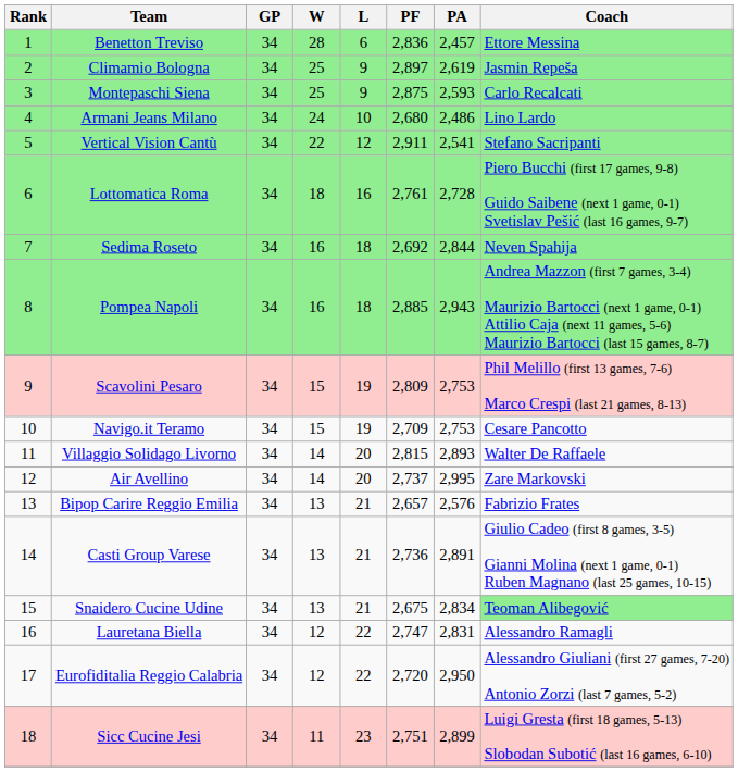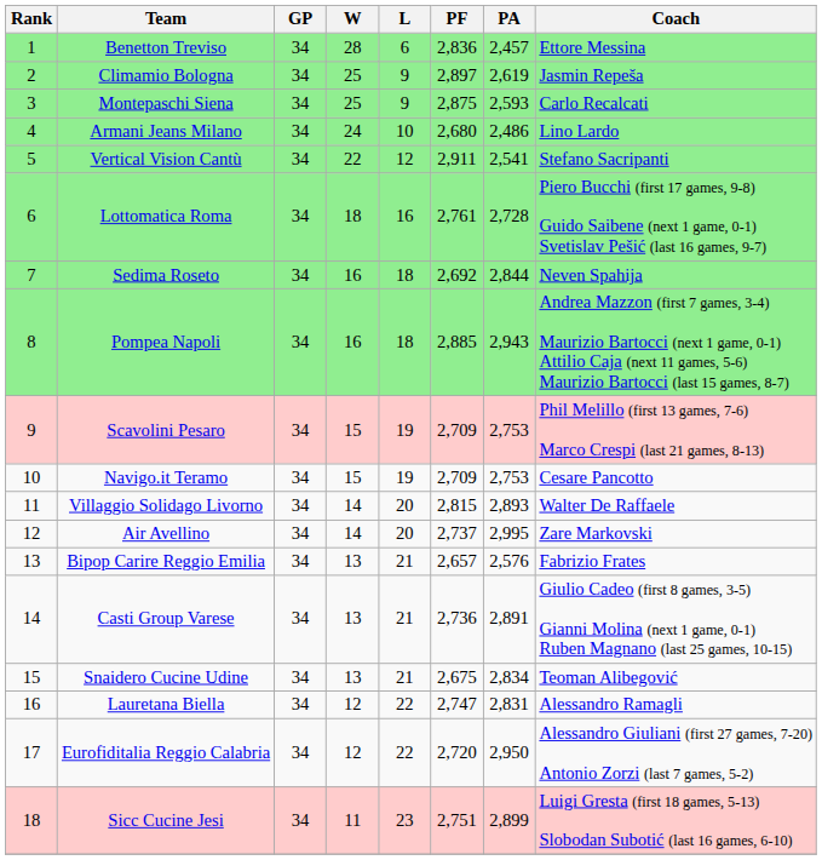 <table class="wikitable" style="text-align: center;">
 <tr>
 <th width=40>Rank</th>
 <th>Team</th>
 <th width=40>GP</th>
 <th width=40>W</th>
 <th width=40>L</th>
 <th width=40>PF</th>
 <th width=40>PA</th>
 <th>Coach</th>
 </tr>
 <tr style="background: #90EE90;">
 <td>1</td>
 <td><a href='#'>Benetton Treviso</a></td>
 <td>34</td>
 <td>28</td>
 <td>6</td>
 <td>2,836</td>
 <td>2,457</td>
 <td align="left"> <a href='#'>Ettore Messina</a></td>
 </tr>
 <tr style="background: #90EE90;">
 <td>2</td>
 <td><a href='#'>Climamio Bologna</a></td>
 <td>34</td>
 <td>25</td>
 <td>9</td>
 <td>2,897</td>
 <td>2,619</td>
 <td align="left"> <a href='#'>Jasmin Repeša</a></td>
 </tr>
 <tr style="background: #90EE90;">
 <td>3</td>
 <td><a href='#'>Montepaschi Siena</a></td>
 <td>34</td>
 <td>25</td>
 <td>9</td>
 <td>2,875</td>
 <td>2,593</td>
 <td align="left"> <a href='#'>Carlo Recalcati</a></td>
 </tr>
 <tr style="background: #90EE90;">
 <td>4</td>
 <td><a href='#'>Armani Jeans Milano</a></td>
 <td>34</td>
 <td>24</td>
 <td>10</td>
 <td>2,680</td>
 <td>2,486</td>
 <td align="left"> <a href='#'>Lino Lardo</a></td>
 </tr>
 <tr style="background: #90EE90;">
 <td>5</td>
 <td><a href='#'>Vertical Vision Cantù</a></td>
 <td>34</td>
 <td>22</td>
 <td>12</td>
 <td>2,911</td>
 <td>2,541</td>
 <td align="left"> <a href='#'>Stefano Sacripanti</a></td>
 </tr>
 <tr style="background: #90EE90;">
 <td>6</td>
 <td><a href='#'>Lottomatica Roma</a></td>
 <td>34</td>
 <td>18</td>
 <td>16</td>
 <td>2,761</td>
 <td>2,728</td>
 <td align="left"> <a href='#'>Piero Bucchi</a> <small>(first 17 games, 9-8)</small><br><br> <a href='#'>Guido Saibene</a> <small>(next 1 game, 0-1)</small><br>  <a href='#'>Svetislav Pešić</a> <small>(last 16 games, 9-7)</small></td>
 </tr>
 <tr style="background: #90EE90;">
 <td>7</td>
 <td><a href='#'>Sedima Roseto</a></td>
 <td>34</td>
 <td>16</td>
 <td>18</td>
 <td>2,692</td>
 <td>2,844</td>
 <td align="left"> <a href='#'>Neven Spahija</a></td>
 </tr>
 <tr style="background: #90EE90;">
 <td>8</td>
 <td><a href='#'>Pompea Napoli</a></td>
 <td>34</td>
 <td>16</td>
 <td>18</td>
 <td>2,885</td>
 <td>2,943</td>
 <td align="left"> <a href='#'>Andrea Mazzon</a> <small>(first 7 games, 3-4)</small><br><br> <a href='#'>Maurizio Bartocci</a> <small>(next 1 game, 0-1)</small><br>  <a href='#'>Attilio Caja</a> <small>(next 11 games, 5-6)</small><br>  <a href='#'>Maurizio Bartocci</a> <small>(last 15 games, 8-7)</small></td>
 </tr>
 <tr style="background:#FFCCCC">
 <td>9</td>
 <td><a href='#'>Scavolini Pesaro</a></td>
 <td>34</td>
 <td>15</td>
 <td>19</td>
-<td>2,809</td>
+<td>2,709</td>
 <td>2,753</td>
 <td align="left"> <a href='#'>Phil Melillo</a> <small>(first 13 games, 7-6)</small><br><br> <a href='#'>Marco Crespi</a> <small>(last 21 games, 8-13)</small></td>
 </tr>
 <tr>
 <td>10</td>
 <td><a href='#'>Navigo.it Teramo</a></td>
 <td>34</td>
 <td>15</td>
 <td>19</td>
 <td>2,709</td>
 <td>2,753</td>
 <td align="left"> <a href='#'>Cesare Pancotto</a></td>
 </tr>
 <tr>
 <td>11</td>
 <td><a href='#'>Villaggio Solidago Livorno</a></td>
 <td>34</td>
 <td>14</td>
 <td>20</td>
 <td>2,815</td>
 <td>2,893</td>
 <td align="left"> <a href='#'>Walter De Raffaele</a></td>
 </tr>
 <tr>
 <td>12</td>
 <td><a href='#'>Air Avellino</a></td>
 <td>34</td>
 <td>14</td>
 <td>20</td>
 <td>2,737</td>
 <td>2,995</td>
 <td align="left"> <a href='#'>Zare Markovski</a></td>
 </tr>
 <tr>
 <td>13</td>
 <td><a href='#'>Bipop Carire Reggio Emilia</a></td>
 <td>34</td>
 <td>13</td>
 <td>21</td>
 <td>2,657</td>
 <td>2,576</td>
 <td align="left"> <a href='#'>Fabrizio Frates</a></td>
 </tr>
 <tr>
 <td>14</td>
 <td><a href='#'>Casti Group Varese</a></td>
 <td>34</td>
 <td>13</td>
 <td>21</td>
 <td>2,736</td>
 <td>2,891</td>
 <td align="left"> <a href='#'>Giulio Cadeo</a> <small>(first 8 games, 3-5)</small><br><br> <a href='#'>Gianni Molina</a> <small>(next 1 game, 0-1)</small><br>  <a href='#'>Ruben Magnano</a> <small>(last 25 games, 10-15)</small></td>
 </tr>
 <tr>
 <td>15</td>
 <td><a href='#'>Snaidero Cucine Udine</a></td>
 <td>34</td>
 <td>13</td>
 <td>21</td>
 <td>2,675</td>
 <td>2,834</td>
-<td align="left" style="background: lightgreen;"> <a href='#'>Teoman Alibegović</a></td>
+<td align="left"> <a href='#'>Teoman Alibegović</a></td>
 </tr>
 <tr>
 <td>16</td>
 <td><a href='#'>Lauretana Biella</a></td>
 <td>34</td>
 <td>12</td>
 <td>22</td>
 <td>2,747</td>
 <td>2,831</td>
 <td align="left"> <a href='#'>Alessandro Ramagli</a></td>
 </tr>
 <tr>
 <td>17</td>
 <td><a href='#'>Eurofiditalia Reggio Calabria</a></td>
 <td>34</td>
 <td>12</td>
 <td>22</td>
 <td>2,720</td>
 <td>2,950</td>
 <td align="left"> <a href='#'>Alessandro Giuliani</a> <small>(first 27 games, 7-20)</small><br><br> <a href='#'>Antonio Zorzi</a> <small>(last 7 games, 5-2)</small></td>
 </tr>
 <tr style="background:#FFCCCC">
 <td>18</td>
 <td><a href='#'>Sicc Cucine Jesi</a></td>
 <td>34</td>
 <td>11</td>
 <td>23</td>
 <td>2,751</td>
 <td>2,899</td>
 <td align="left"> <a href='#'>Luigi Gresta</a> <small>(first 18 games, 5-13)</small><br><br> <a href='#'>Slobodan Subotić</a> <small>(last 16 games, 6-10)</small></td>
 </tr>
 <tr>
 </tr>
 </table>
